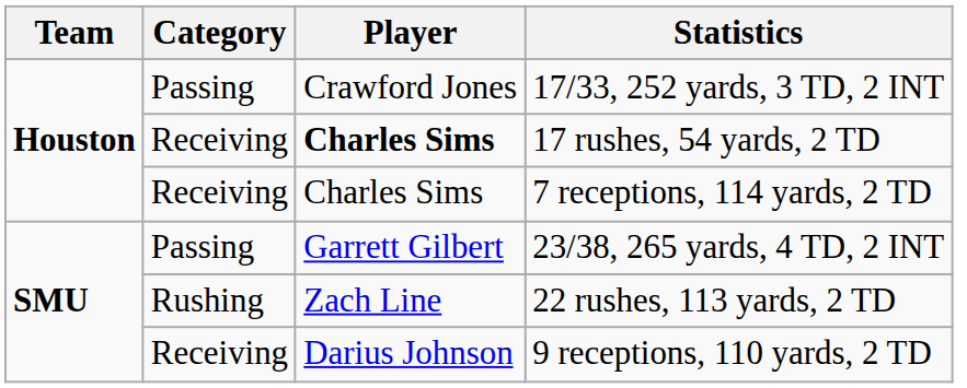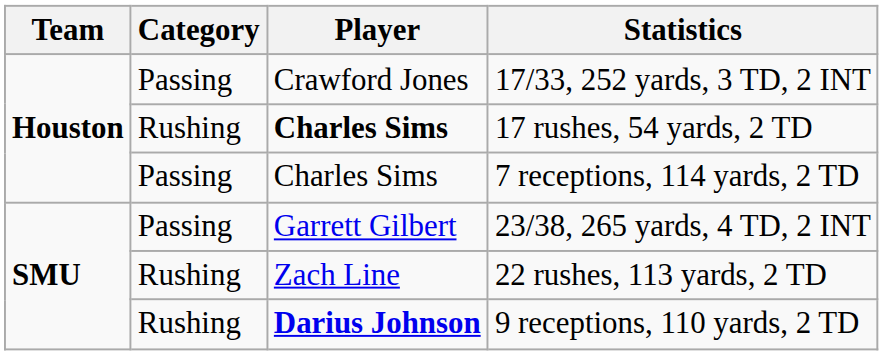 <table class="wikitable" style="float: left;">
 <tr>
 <th>Team</th>
 <th>Category</th>
 <th>Player</th>
 <th>Statistics</th>
 </tr>
 <tr>
 <td rowspan=3><strong>Houston</strong></td>
 <td>Passing</td>
 <td>Crawford Jones</td>
 <td>17/33, 252 yards, 3 TD, 2 INT</td>
 </tr>
 <tr>
-<td>Receiving</td>
+<td>Rushing</td>
 <td><strong>Charles Sims</strong></td>
 <td>17 rushes, 54 yards, 2 TD</td>
 </tr>
 <tr>
-<td>Receiving</td>
+<td>Passing</td>
 <td>Charles Sims</td>
 <td>7 receptions, 114 yards, 2 TD</td>
 </tr>
 <tr>
 <td rowspan=3><strong>SMU</strong></td>
 <td>Passing</td>
 <td><a href='#'>Garrett Gilbert</a></td>
 <td>23/38, 265 yards, 4 TD, 2 INT</td>
 </tr>
 <tr>
 <td>Rushing</td>
 <td><a href='#'>Zach Line</a></td>
 <td>22 rushes, 113 yards, 2 TD</td>
 </tr>
 <tr>
-<td>Receiving</td>
-<td><a href='#'>Darius Johnson</a></td>
+<td>Rushing</td>
+<td><strong><a href='#'>Darius Johnson</a></strong></td>
 <td>9 receptions, 110 yards, 2 TD</td>
 </tr>
 </table>
